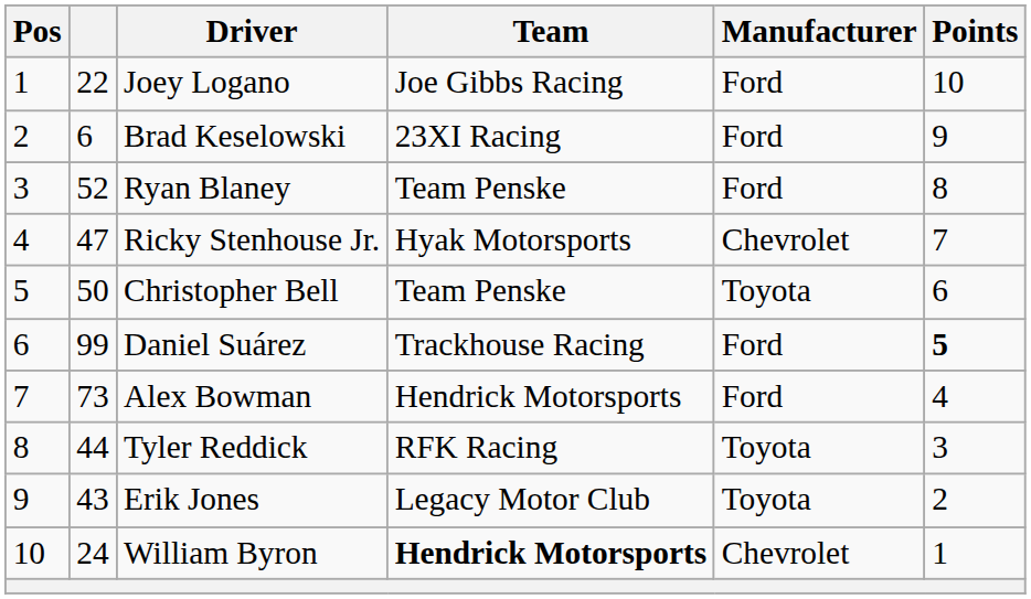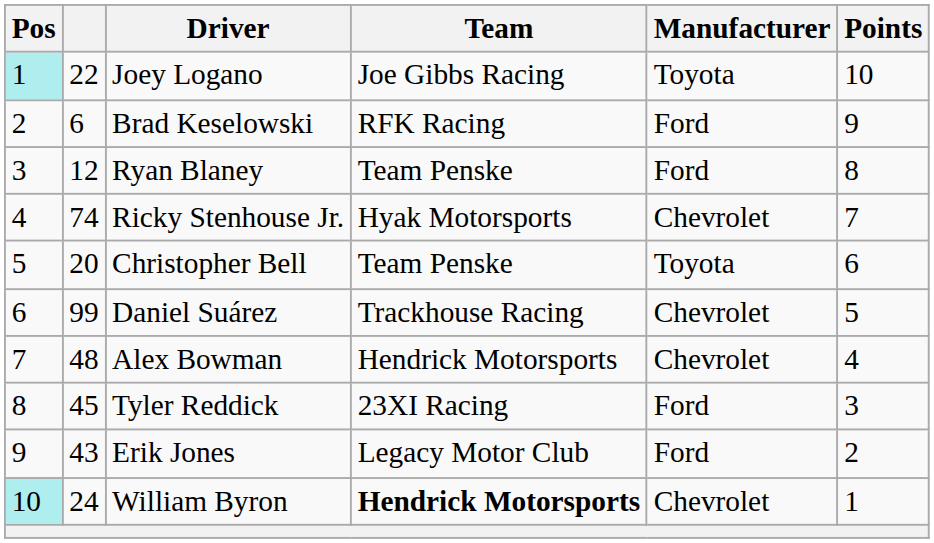 <table class="wikitable" style="font-size:98%">
 <tr>
 <th>Pos</th>
 <th></th>
 <th>Driver</th>
 <th>Team</th>
 <th>Manufacturer</th>
 <th>Points</th>
 </tr>
 <tr>
-<td>1</td>
+<td style="background: paleturquoise;">1</td>
 <td>22</td>
 <td>Joey Logano</td>
 <td>Joe Gibbs Racing</td>
-<td>Ford</td>
+<td>Toyota</td>
 <td>10</td>
 </tr>
 <tr>
 <td>2</td>
 <td>6</td>
 <td>Brad Keselowski</td>
-<td>23XI Racing</td>
+<td>RFK Racing</td>
 <td>Ford</td>
 <td>9</td>
 </tr>
 <tr>
 <td>3</td>
-<td>52</td>
+<td>12</td>
 <td>Ryan Blaney</td>
 <td>Team Penske</td>
 <td>Ford</td>
 <td>8</td>
 </tr>
 <tr>
 <td>4</td>
-<td>47</td>
+<td>74</td>
 <td>Ricky Stenhouse Jr.</td>
 <td>Hyak Motorsports</td>
 <td>Chevrolet</td>
 <td>7</td>
 </tr>
 <tr>
 <td>5</td>
-<td>50</td>
+<td>20</td>
 <td>Christopher Bell</td>
 <td>Team Penske</td>
 <td>Toyota</td>
 <td>6</td>
 </tr>
 <tr>
 <td>6</td>
 <td>99</td>
 <td>Daniel Suárez</td>
 <td>Trackhouse Racing</td>
-<td>Ford</td>
-<td><strong>5</strong></td>
+<td>Chevrolet</td>
+<td>5</td>
 </tr>
 <tr>
 <td>7</td>
-<td>73</td>
+<td>48</td>
 <td>Alex Bowman</td>
 <td>Hendrick Motorsports</td>
-<td>Ford</td>
+<td>Chevrolet</td>
 <td>4</td>
 </tr>
 <tr>
 <td>8</td>
-<td>44</td>
+<td>45</td>
 <td>Tyler Reddick</td>
-<td>RFK Racing</td>
-<td>Toyota</td>
+<td>23XI Racing</td>
+<td>Ford</td>
 <td>3</td>
 </tr>
 <tr>
 <td>9</td>
 <td>43</td>
 <td>Erik Jones</td>
 <td>Legacy Motor Club</td>
-<td>Toyota</td>
+<td>Ford</td>
 <td>2</td>
 </tr>
 <tr>
-<td>10</td>
+<td style="background: paleturquoise;">10</td>
 <td>24</td>
 <td>William Byron</td>
 <td><strong>Hendrick Motorsports</strong></td>
 <td>Chevrolet</td>
 <td>1</td>
 </tr>
 <tr>
 <th colspan="6"></th>
 </tr>
 </table>
